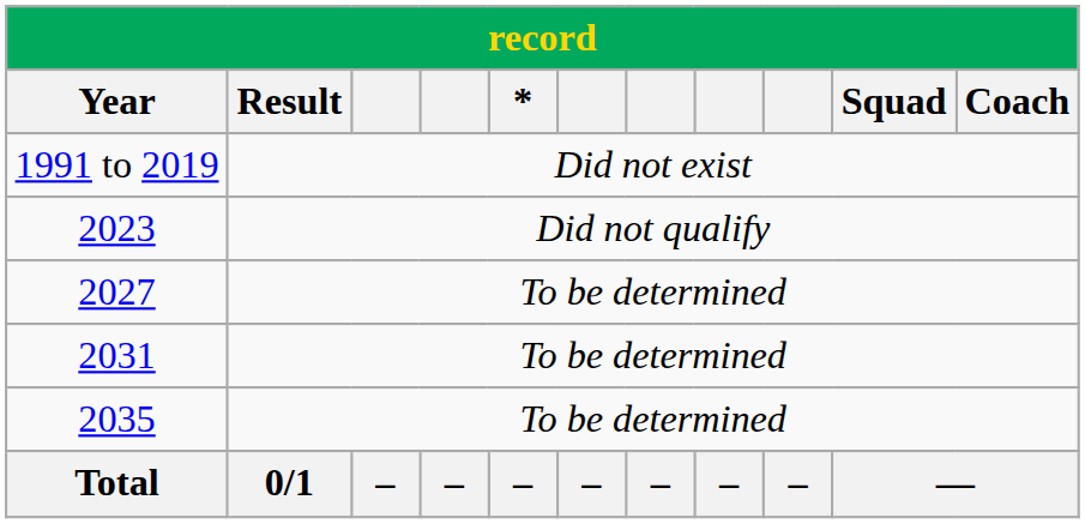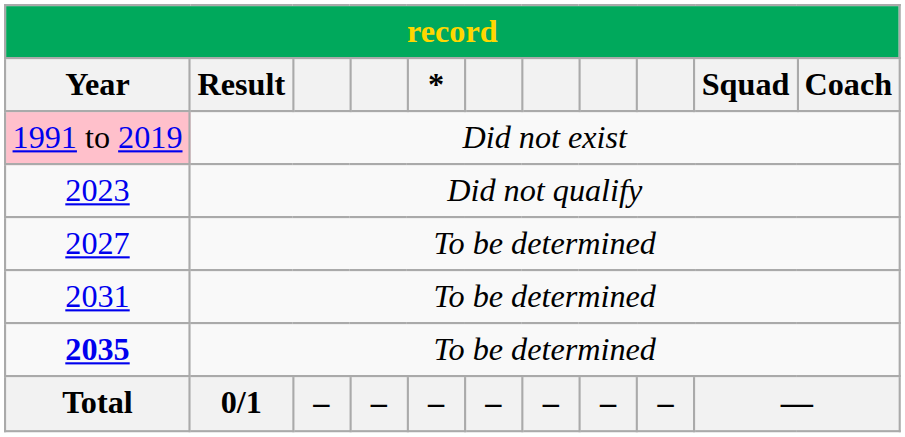 <table class="wikitable mw-collapsible" style="text-align: center;font-size:95%;">
 <tr>
 <th colspan="11" style="background: #00A95C; color: #FFD700;"><a href='#'></a> record</th>
 </tr>
 <tr>
 <th>Year</th>
 <th>Result</th>
 <th width=20></th>
 <th width=20></th>
 <th width=20>*</th>
 <th width=20></th>
 <th width=20></th>
 <th width=20></th>
 <th width=20></th>
 <th>Squad</th>
 <th>Coach</th>
 </tr>
 <tr>
-<td> <a href='#'>1991</a> to  <a href='#'>2019</a></td>
+<td style="background: pink;"> <a href='#'>1991</a> to  <a href='#'>2019</a></td>
 <td colspan=10><em>Did not exist</em></td>
 </tr>
 <tr>
 <td>  <a href='#'>2023</a></td>
 <td colspan=10><em>Did not qualify</em></td>
 </tr>
 <tr>
 <td> <a href='#'>2027</a></td>
 <td colspan=10><em>To be determined</em></td>
 </tr>
 <tr>
 <td> <a href='#'>2031</a></td>
 <td colspan=10><em>To be determined</em></td>
 </tr>
 <tr>
-<td> <a href='#'>2035</a></td>
+<td><strong> <a href='#'>2035</a></strong></td>
 <td colspan=10><em>To be determined</em></td>
 </tr>
 <tr>
 <th>Total</th>
 <th>0/1</th>
 <th>–</th>
 <th>–</th>
 <th>–</th>
 <th>–</th>
 <th>–</th>
 <th>–</th>
 <th>–</th>
 <th colspan=2>—</th>
 </tr>
 </table>
